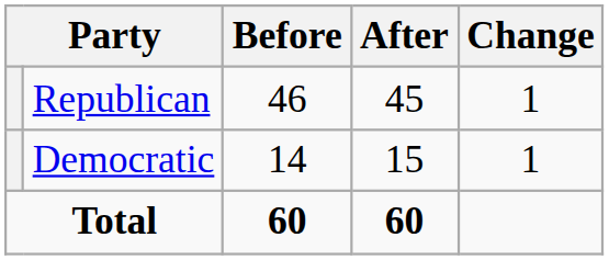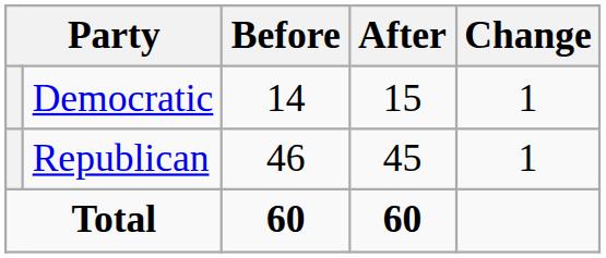 <table class="wikitable" style="text-align:center;">
 <tr>
 <th colspan="2">Party</th>
 <th>Before</th>
 <th>After</th>
 <th>Change</th>
 </tr>
 <tr>
 <th style="background-color:"></th>
-<td style="text-align:left;"><a href='#'>Republican</a></td>
-<td>46</td>
-<td>45</td>
+<td style="text-align:left;"><a href='#'>Democratic</a></td>
+<td>14</td>
+<td>15</td>
 <td> 1</td>
 </tr>
 <tr>
 <th style="background-color:"></th>
-<td style="text-align:left;"><a href='#'>Democratic</a></td>
-<td>14</td>
-<td>15</td>
+<td style="text-align:left;"><a href='#'>Republican</a></td>
+<td>46</td>
+<td>45</td>
 <td> 1</td>
 </tr>
 <tr>
 <td colspan="2"><strong>Total</strong></td>
 <td><strong>60</strong></td>
 <td><strong>60</strong></td>
 <td></td>
 </tr>
 </table>
